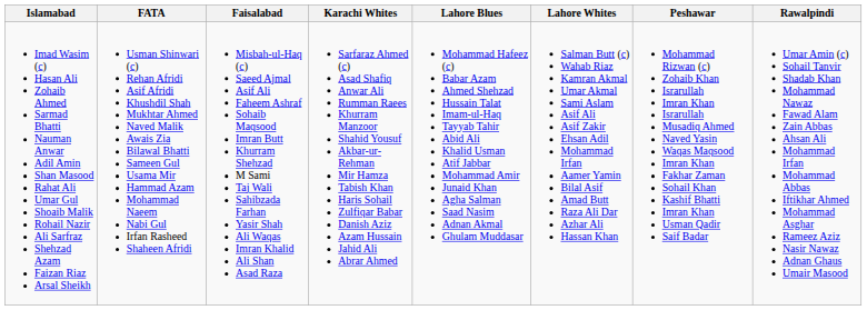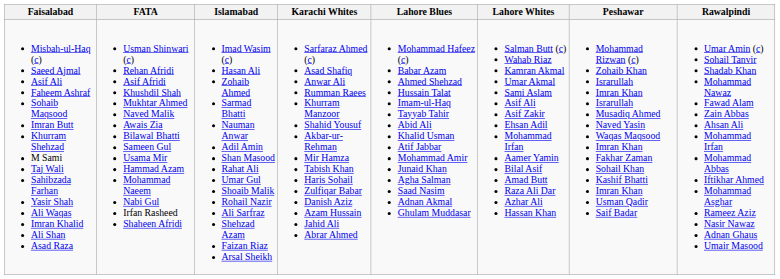 <table class="wikitable" style="text-align:left; margin:auto">
 <tr>
+<th style="width=20%;">Faisalabad</th>
+<th style="width=20%;">FATA</th>
 <th style="width=20%;">Islamabad</th>
-<th style="width=20%;">FATA</th>
-<th style="width=20%;">Faisalabad</th>
 <th style="width=20%;">Karachi Whites</th>
 <th style="width=20%;">Lahore Blues</th>
 <th style="width=20%;">Lahore Whites</th>
 <th style="width=20%;">Peshawar</th>
 <th style="width=20%;">Rawalpindi</th>
 </tr>
 <tr style="vertical-align:top">
+<td><br><ul><li><a href='#'>Misbah-ul-Haq</a> (<a href='#'>c</a>)</li><li><a href='#'>Saeed Ajmal</a></li><li><a href='#'>Asif Ali</a></li><li><a href='#'>Faheem Ashraf</a></li><li><a href='#'>Sohaib Maqsood</a></li><li><a href='#'>Imran Butt</a></li><li><a href='#'>Khurram Shehzad</a></li><li>M Sami</li><li><a href='#'>Taj Wali</a></li><li><a href='#'>Sahibzada Farhan</a></li><li><a href='#'>Yasir Shah</a></li><li><a href='#'>Ali Waqas</a></li><li><a href='#'>Imran Khalid</a></li><li><a href='#'>Ali Shan</a></li><li><a href='#'>Asad Raza</a></li></ul></td>
+<td><br><ul><li><a href='#'>Usman Shinwari</a> (<a href='#'>c</a>)</li><li><a href='#'>Rehan Afridi</a></li><li><a href='#'>Asif Afridi</a></li><li><a href='#'>Khushdil Shah</a></li><li><a href='#'>Mukhtar Ahmed</a></li><li><a href='#'>Naved Malik</a></li><li><a href='#'>Awais Zia</a></li><li><a href='#'>Bilawal Bhatti</a></li><li><a href='#'>Sameen Gul</a></li><li><a href='#'>Usama Mir</a></li><li><a href='#'>Hammad Azam</a></li><li><a href='#'>Mohammad Naeem</a></li><li><a href='#'>Nabi Gul</a></li><li>Irfan Rasheed</li><li><a href='#'>Shaheen Afridi</a></li></ul></td>
 <td><br><ul><li><a href='#'>Imad Wasim</a> (<a href='#'>c</a>)</li><li><a href='#'>Hasan Ali</a></li><li><a href='#'>Zohaib Ahmed</a></li><li><a href='#'>Sarmad Bhatti</a></li><li><a href='#'>Nauman Anwar</a></li><li><a href='#'>Adil Amin</a></li><li><a href='#'>Shan Masood</a></li><li><a href='#'>Rahat Ali</a></li><li><a href='#'>Umar Gul</a></li><li><a href='#'>Shoaib Malik</a></li><li><a href='#'>Rohail Nazir</a></li><li><a href='#'>Ali Sarfraz</a></li><li><a href='#'>Shehzad Azam</a></li><li><a href='#'>Faizan Riaz</a></li><li><a href='#'>Arsal Sheikh</a></li></ul></td>
-<td><br><ul><li><a href='#'>Usman Shinwari</a> (<a href='#'>c</a>)</li><li><a href='#'>Rehan Afridi</a></li><li><a href='#'>Asif Afridi</a></li><li><a href='#'>Khushdil Shah</a></li><li><a href='#'>Mukhtar Ahmed</a></li><li><a href='#'>Naved Malik</a></li><li><a href='#'>Awais Zia</a></li><li><a href='#'>Bilawal Bhatti</a></li><li><a href='#'>Sameen Gul</a></li><li><a href='#'>Usama Mir</a></li><li><a href='#'>Hammad Azam</a></li><li><a href='#'>Mohammad Naeem</a></li><li><a href='#'>Nabi Gul</a></li><li>Irfan Rasheed</li><li><a href='#'>Shaheen Afridi</a></li></ul></td>
-<td><br><ul><li><a href='#'>Misbah-ul-Haq</a> (<a href='#'>c</a>)</li><li><a href='#'>Saeed Ajmal</a></li><li><a href='#'>Asif Ali</a></li><li><a href='#'>Faheem Ashraf</a></li><li><a href='#'>Sohaib Maqsood</a></li><li><a href='#'>Imran Butt</a></li><li><a href='#'>Khurram Shehzad</a></li><li>M Sami</li><li><a href='#'>Taj Wali</a></li><li><a href='#'>Sahibzada Farhan</a></li><li><a href='#'>Yasir Shah</a></li><li><a href='#'>Ali Waqas</a></li><li><a href='#'>Imran Khalid</a></li><li><a href='#'>Ali Shan</a></li><li><a href='#'>Asad Raza</a></li></ul></td>
 <td><br><ul><li><a href='#'>Sarfaraz Ahmed</a> (<a href='#'>c</a>)</li><li><a href='#'>Asad Shafiq</a></li><li><a href='#'>Anwar Ali</a></li><li><a href='#'>Rumman Raees</a></li><li><a href='#'>Khurram Manzoor</a></li><li><a href='#'>Shahid Yousuf</a></li><li><a href='#'>Akbar-ur-Rehman</a></li><li><a href='#'>Mir Hamza</a></li><li><a href='#'>Tabish Khan</a></li><li><a href='#'>Haris Sohail</a></li><li><a href='#'>Zulfiqar Babar</a></li><li><a href='#'>Danish Aziz</a></li><li><a href='#'>Azam Hussain</a></li><li><a href='#'>Jahid Ali</a></li><li><a href='#'>Abrar Ahmed</a></li></ul></td>
 <td><br><ul><li><a href='#'>Mohammad Hafeez</a> (<a href='#'>c</a>)</li><li><a href='#'>Babar Azam</a></li><li><a href='#'>Ahmed Shehzad</a></li><li><a href='#'>Hussain Talat</a></li><li><a href='#'>Imam-ul-Haq</a></li><li><a href='#'>Tayyab Tahir</a></li><li><a href='#'>Abid Ali</a></li><li><a href='#'>Khalid Usman</a></li><li><a href='#'>Atif Jabbar</a></li><li><a href='#'>Mohammad Amir</a></li><li><a href='#'>Junaid Khan</a></li><li><a href='#'>Agha Salman</a></li><li><a href='#'>Saad Nasim</a></li><li><a href='#'>Adnan Akmal</a></li><li><a href='#'>Ghulam Muddasar</a></li></ul></td>
 <td><br><ul><li><a href='#'>Salman Butt</a> (<a href='#'>c</a>)</li><li><a href='#'>Wahab Riaz</a></li><li><a href='#'>Kamran Akmal</a></li><li><a href='#'>Umar Akmal</a></li><li><a href='#'>Sami Aslam</a></li><li><a href='#'>Asif Ali</a></li><li><a href='#'>Asif Zakir</a></li><li><a href='#'>Ehsan Adil</a></li><li><a href='#'>Mohammad Irfan</a></li><li><a href='#'>Aamer Yamin</a></li><li><a href='#'>Bilal Asif</a></li><li><a href='#'>Amad Butt</a></li><li><a href='#'>Raza Ali Dar</a></li><li><a href='#'>Azhar Ali</a></li><li><a href='#'>Hassan Khan</a></li></ul></td>
 <td><br><ul><li><a href='#'>Mohammad Rizwan</a> (<a href='#'>c</a>)</li><li><a href='#'>Zohaib Khan</a></li><li><a href='#'>Israrullah</a></li><li><a href='#'>Imran Khan</a></li><li><a href='#'>Israrullah</a></li><li><a href='#'>Musadiq Ahmed</a></li><li><a href='#'>Naved Yasin</a></li><li><a href='#'>Waqas Maqsood</a></li><li><a href='#'>Imran Khan</a></li><li><a href='#'>Fakhar Zaman</a></li><li><a href='#'>Sohail Khan</a></li><li><a href='#'>Kashif Bhatti</a></li><li><a href='#'>Imran Khan</a></li><li><a href='#'>Usman Qadir</a></li><li><a href='#'>Saif Badar</a></li></ul></td>
 <td><br><ul><li><a href='#'>Umar Amin</a> (<a href='#'>c</a>)</li><li><a href='#'>Sohail Tanvir</a></li><li><a href='#'>Shadab Khan</a></li><li><a href='#'>Mohammad Nawaz</a></li><li><a href='#'>Fawad Alam</a></li><li><a href='#'>Zain Abbas</a></li><li><a href='#'>Ahsan Ali</a></li><li><a href='#'>Mohammad Irfan</a></li><li><a href='#'>Mohammad Abbas</a></li><li><a href='#'>Iftikhar Ahmed</a></li><li><a href='#'>Mohammad Asghar</a></li><li><a href='#'>Rameez Aziz</a></li><li><a href='#'>Nasir Nawaz</a></li><li><a href='#'>Adnan Ghaus</a></li><li><a href='#'>Umair Masood</a></li></ul></td>
 </tr>
 </table>
